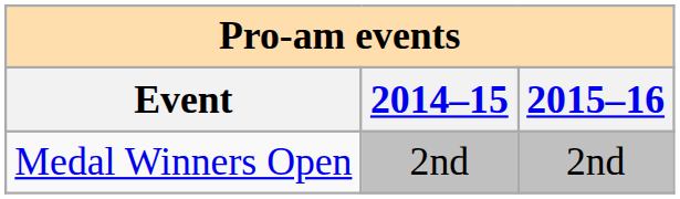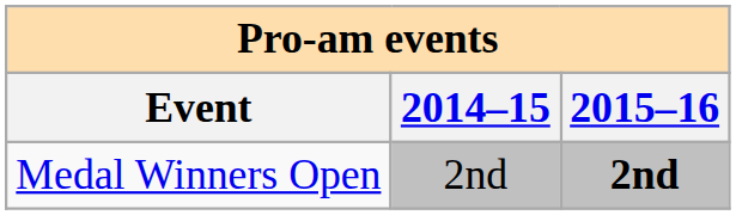 <table class="wikitable" style="text-align:center">
 <tr>
 <th style="background-color: #ffdead; " colspan=3 align=center><strong>Pro-am events</strong></th>
 </tr>
 <tr>
 <th>Event</th>
 <th><a href='#'>2014–15</a></th>
 <th><a href='#'>2015–16</a></th>
 </tr>
 <tr>
 <td align=left><a href='#'>Medal Winners Open</a></td>
 <td bgcolor=silver>2nd</td>
-<td bgcolor=silver>2nd</td>
+<td bgcolor=silver><strong>2nd</strong></td>
 </tr>
 </table>
